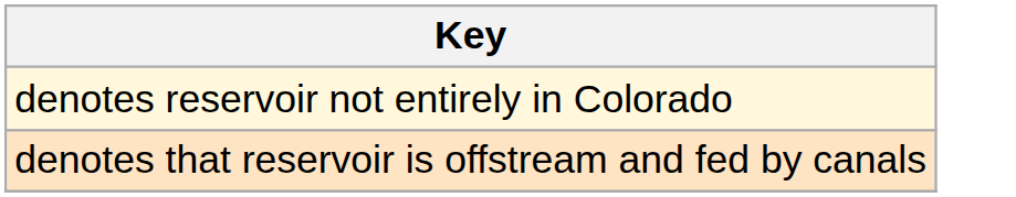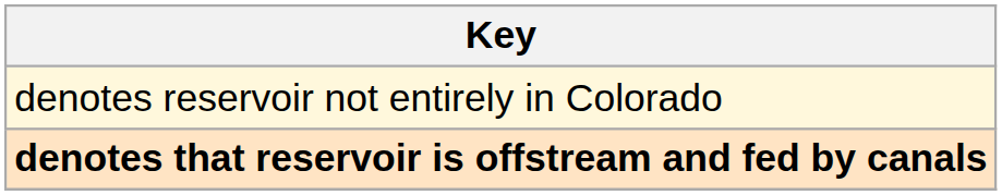 <table class="wikitable">
 <tr>
 <th>Key</th>
 </tr>
 <tr>
 <td bgcolor="#FFF8DC"> denotes reservoir not entirely in Colorado</td>
 </tr>
 <tr>
-<td bgcolor="#FFE4C4"> denotes that reservoir is offstream and fed by canals</td>
+<td bgcolor="#FFE4C4"><strong> denotes that reservoir is offstream and fed by canals</strong></td>
 </tr>
 <tr>
 </tr>
 </table>
